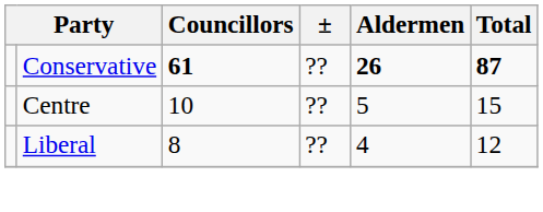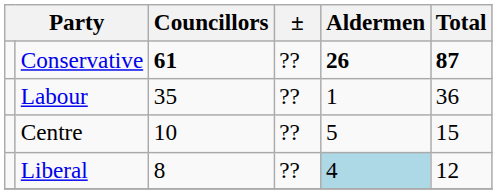 <table class="wikitable">
 <tr>
 <th colspan="2">Party</th>
 <th>Councillors</th>
 <th>  ±  </th>
 <th>Aldermen</th>
 <th>Total</th>
 </tr>
 <tr>
 <td style="background-color: "></td>
 <td><a href='#'>Conservative</a></td>
 <td><strong>61</strong></td>
 <td>??</td>
 <td><strong>26</strong></td>
 <td><strong>87</strong></td>
 </tr>
 <tr>
 <td style="background-color: "></td>
+<td><a href='#'>Labour</a></td>
+<td>35</td>
+<td>??</td>
+<td>1</td>
+<td>36</td>
+</tr>
+<tr>
+<td style="background-color: "></td>
 <td>Centre</td>
 <td>10</td>
 <td>??</td>
 <td>5</td>
 <td>15</td>
 </tr>
 <tr>
 <td style="background-color: "></td>
 <td><a href='#'>Liberal</a></td>
 <td>8</td>
 <td>??</td>
-<td>4</td>
+<td style="background: lightblue;">4</td>
 <td>12</td>
 </tr>
 <tr>
 </tr>
 </table>
